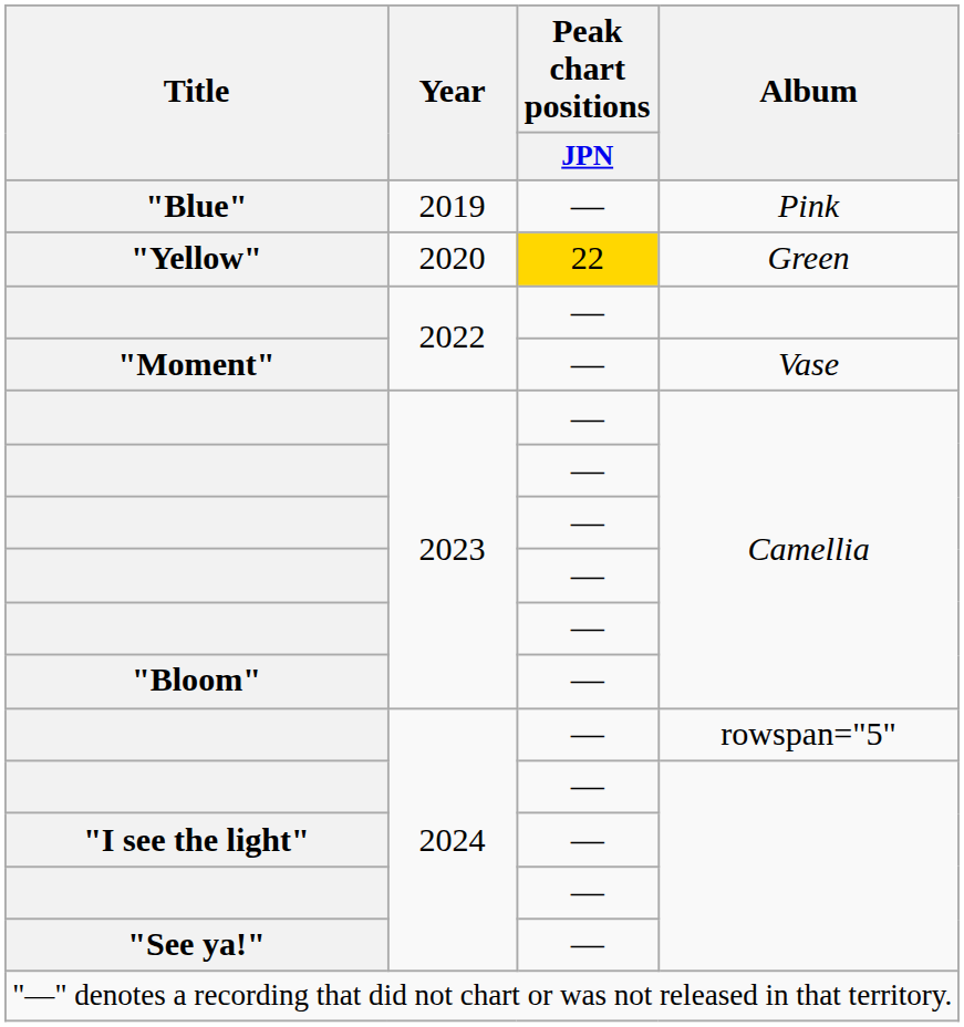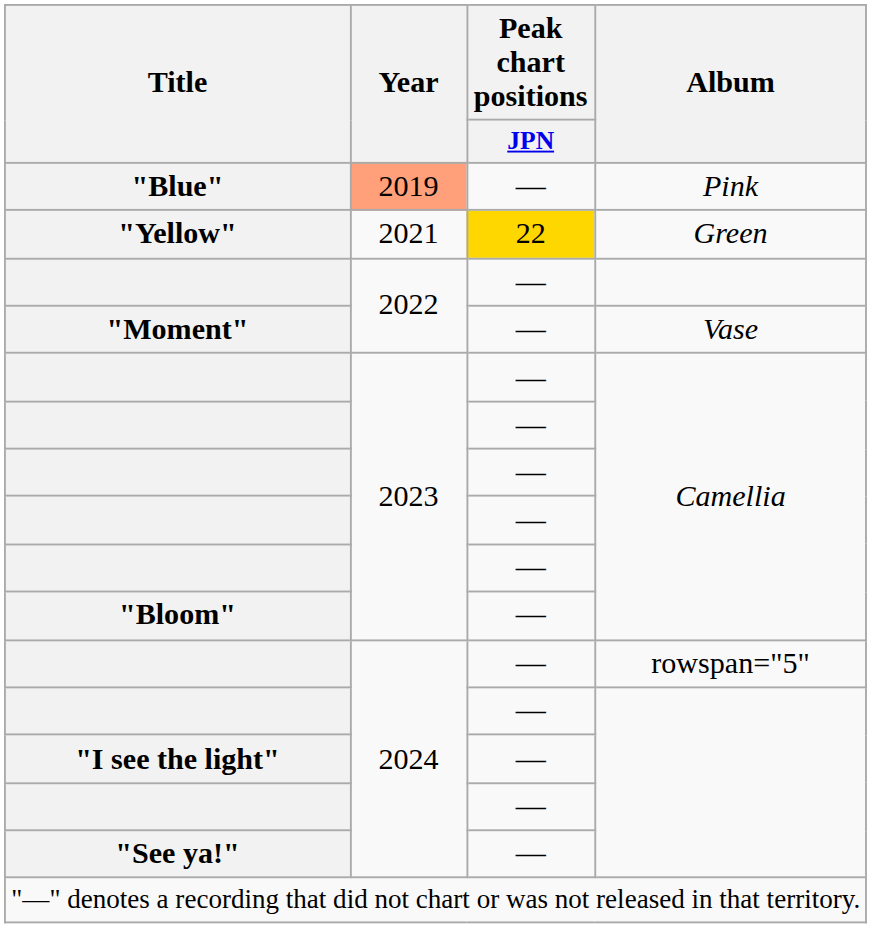 <table class="wikitable plainrowheaders" style="text-align:center;">
 <tr>
 <th scope="col" rowspan="2">Title</th>
 <th scope="col" rowspan="2">Year</th>
 <th scope="col" colspan="1">Peak chart positions</th>
 <th scope="col" rowspan="2">Album</th>
 </tr>
 <tr>
 <th scope="col" style="width:2.75em;font-size:85%;"><a href='#'>JPN</a><br></th>
 </tr>
 <tr>
 <th scope="row">"Blue"</th>
-<td>2019</td>
+<td style="background: lightsalmon;">2019</td>
 <td>—</td>
 <td><em>Pink</em></td>
 </tr>
 <tr>
 <th scope="row">"Yellow"</th>
-<td>2020</td>
+<td>2021</td>
 <td style="background: gold;">22</td>
 <td><em>Green</em></td>
 </tr>
 <tr>
 <th scope="row"><br></th>
 <td rowspan="2">2022</td>
 <td>—</td>
 <td></td>
 </tr>
 <tr>
 <th scope="row">"Moment"</th>
 <td>—</td>
 <td><em>Vase</em></td>
 </tr>
 <tr>
 <th scope="row"></th>
 <td rowspan="6">2023</td>
 <td>—</td>
 <td rowspan="6"><em>Camellia</em></td>
 </tr>
 <tr>
 <th scope="row"></th>
 <td>—</td>
 </tr>
 <tr>
 <th scope="row"></th>
 <td>—</td>
 </tr>
 <tr>
 <th scope="row"></th>
 <td>—</td>
 </tr>
 <tr>
 <th scope="row"></th>
 <td>—</td>
 </tr>
 <tr>
 <th scope="row">"Bloom"</th>
 <td>—</td>
 </tr>
 <tr>
 <th scope="row"></th>
 <td rowspan="5">2024</td>
 <td>—</td>
 <td>rowspan="5" </td>
 </tr>
 <tr>
 <th scope="row"></th>
 <td>—</td>
 </tr>
 <tr>
 <th scope="row">"I see the light"</th>
 <td>—</td>
 </tr>
 <tr>
 <th scope="row"><br></th>
 <td>—</td>
 </tr>
 <tr>
 <th scope="row">"See ya!"</th>
 <td>—</td>
 </tr>
 <tr>
 <td align="center" colspan="5" style="font-size:90%">"—" denotes a recording that did not chart or was not released in that territory.</td>
 </tr>
 </table>
